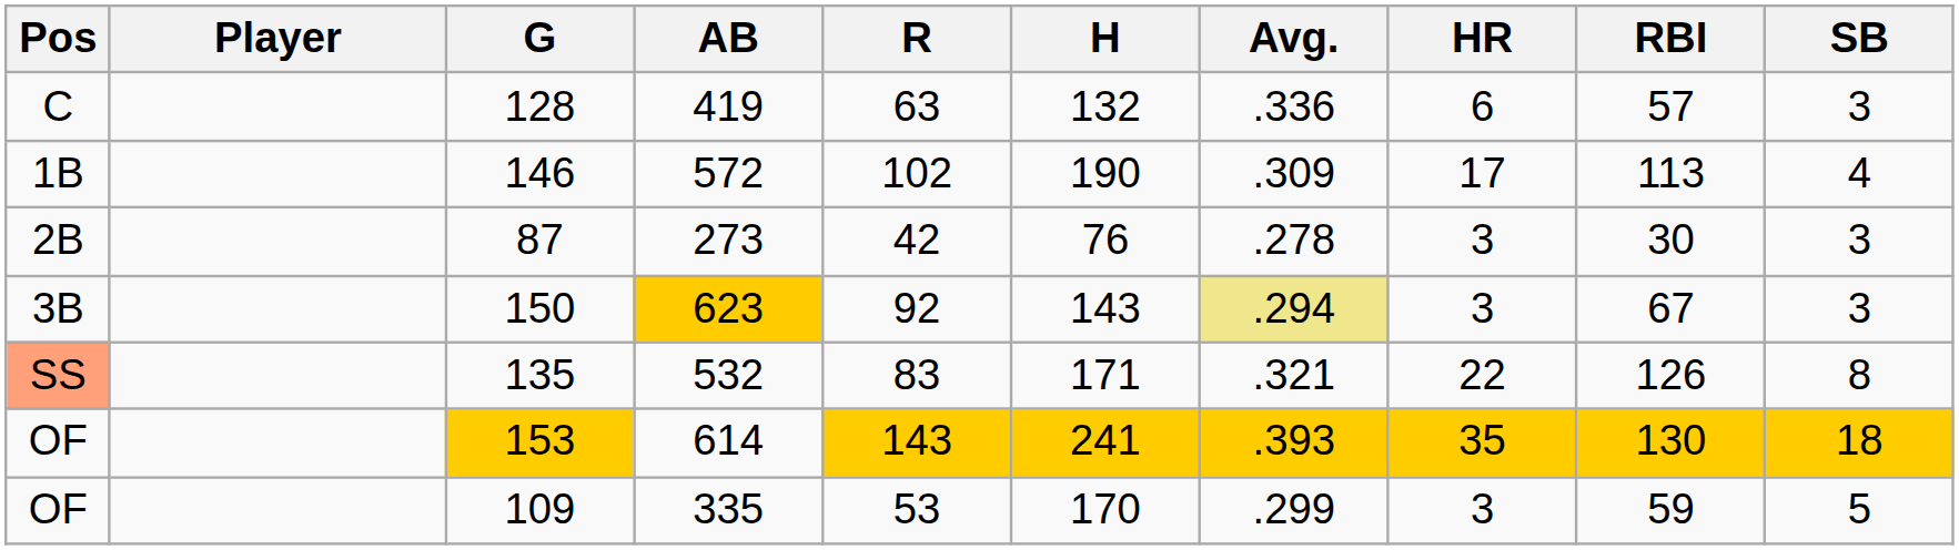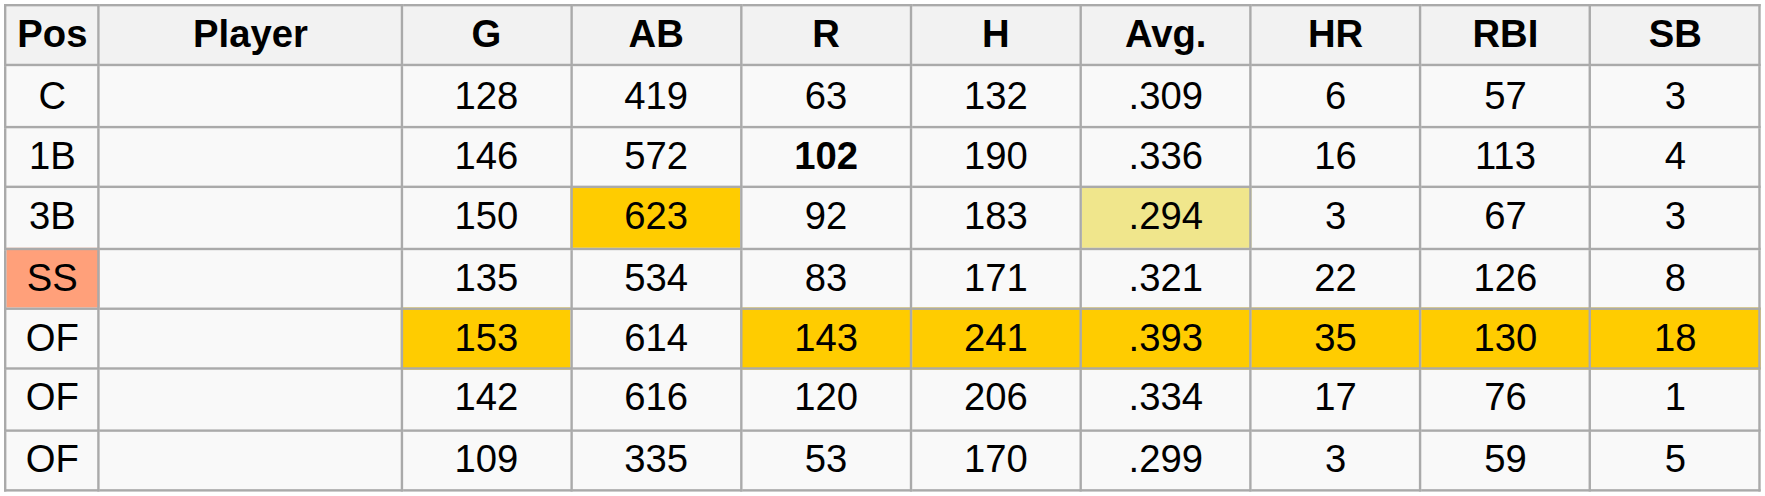 <table class="wikitable sortable">
 <tr>
 <th bgcolor="#DDDDFF" width="5%">Pos</th>
 <th bgcolor="#DDDDFF" width="16%">Player</th>
 <th bgcolor="#DDDDFF" width="9%">G</th>
 <th bgcolor="#DDDDFF" width="9%">AB</th>
 <th bgcolor="#DDDDFF" width="9%">R</th>
 <th bgcolor="#DDDDFF" width="9%">H</th>
 <th bgcolor="#DDDDFF" width="9%">Avg.</th>
 <th bgcolor="#DDDDFF" width="9%">HR</th>
 <th bgcolor="#DDDDFF" width="9%">RBI</th>
 <th bgcolor="#DDDDFF" width="9%">SB</th>
 </tr>
 <tr align="center">
 <td>C</td>
 <td></td>
 <td>128</td>
 <td>419</td>
 <td>63</td>
 <td>132</td>
-<td>.336</td>
+<td>.309</td>
 <td>6</td>
 <td>57</td>
 <td>3</td>
 </tr>
 <tr align="center">
 <td>1B</td>
 <td></td>
 <td>146</td>
 <td>572</td>
-<td>102</td>
+<td><strong>102</strong></td>
 <td>190</td>
-<td>.309</td>
-<td>17</td>
+<td>.336</td>
+<td>16</td>
 <td>113</td>
 <td>4</td>
-</tr>
-<tr align="center">
-<td>2B</td>
-<td></td>
-<td>87</td>
-<td>273</td>
-<td>42</td>
-<td>76</td>
-<td>.278</td>
-<td>3</td>
-<td>30</td>
-<td>3</td>
 </tr>
 <tr align="center">
 <td>3B</td>
 <td></td>
 <td>150</td>
 <td style="background:#fc0;">623</td>
 <td>92</td>
-<td>143</td>
+<td>183</td>
 <td style="background: khaki;">.294</td>
 <td>3</td>
 <td>67</td>
 <td>3</td>
 </tr>
 <tr align="center">
 <td style="background: lightsalmon;">SS</td>
 <td></td>
 <td>135</td>
-<td>532</td>
+<td>534</td>
 <td>83</td>
 <td>171</td>
 <td>.321</td>
 <td>22</td>
 <td>126</td>
 <td>8</td>
 </tr>
 <tr align="center">
 <td>OF</td>
 <td></td>
 <td style="background:#fc0;">153</td>
 <td>614</td>
 <td style="background:#fc0;">143</td>
 <td style="background:#fc0;">241</td>
 <td style="background:#fc0;">.393</td>
 <td style="background:#fc0;">35</td>
 <td style="background:#fc0;">130</td>
 <td style="background:#fc0;">18</td>
 </tr>
 <tr align="center">
 <td>OF</td>
 <td></td>
+<td>142</td>
+<td>616</td>
+<td>120</td>
+<td>206</td>
+<td>.334</td>
+<td>17</td>
+<td>76</td>
+<td>1</td>
+</tr>
+<tr align="center">
+<td>OF</td>
+<td></td>
 <td>109</td>
 <td>335</td>
 <td>53</td>
 <td>170</td>
 <td>.299</td>
 <td>3</td>
 <td>59</td>
 <td>5</td>
 </tr>
 </table>
